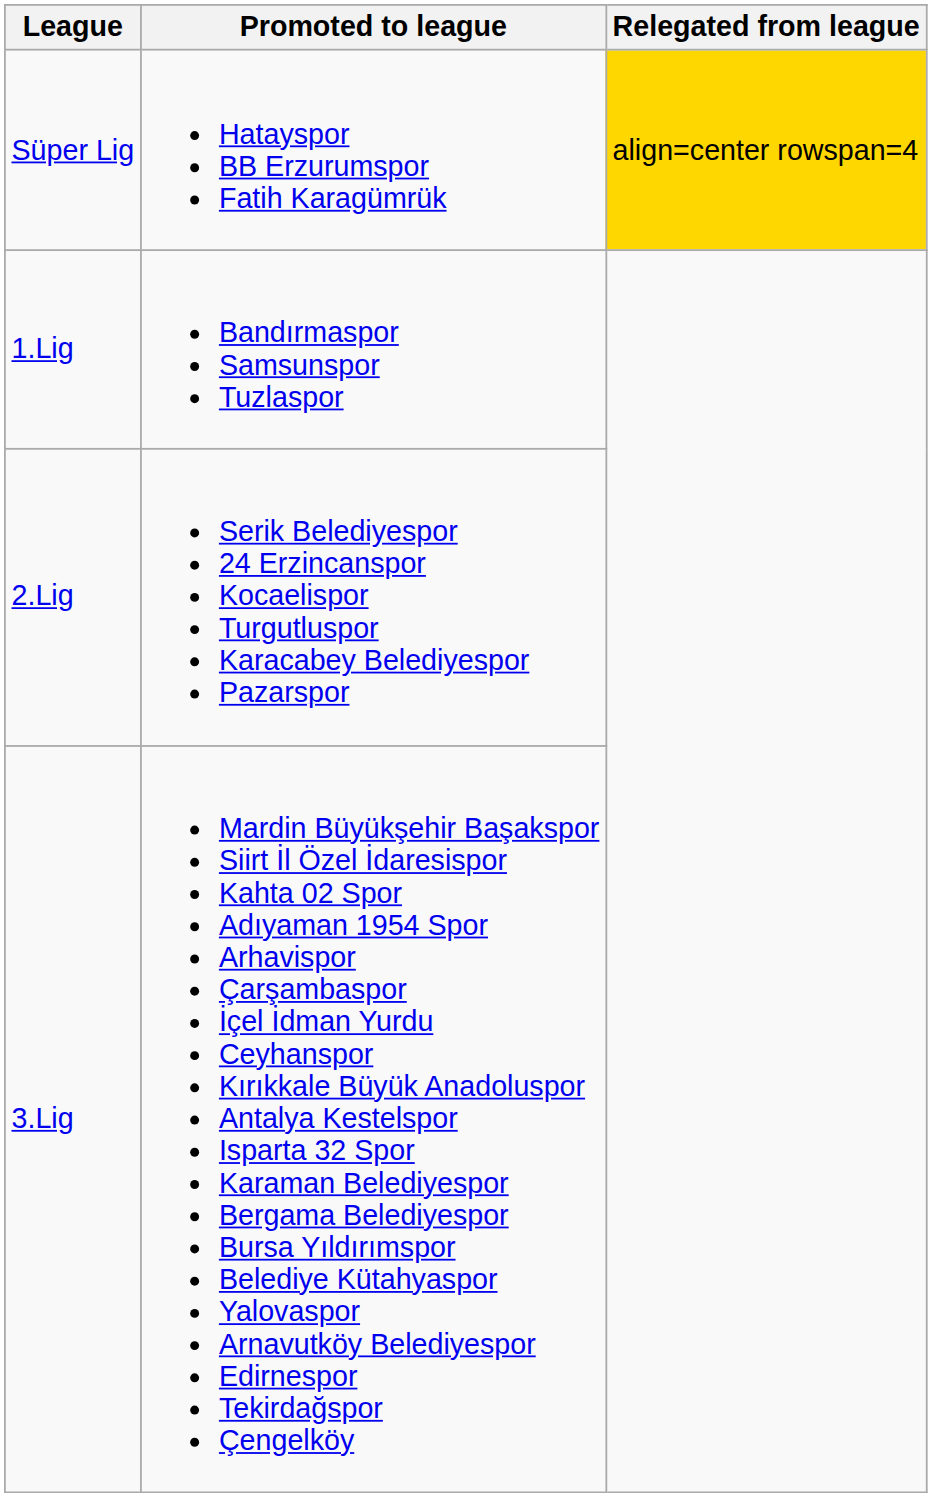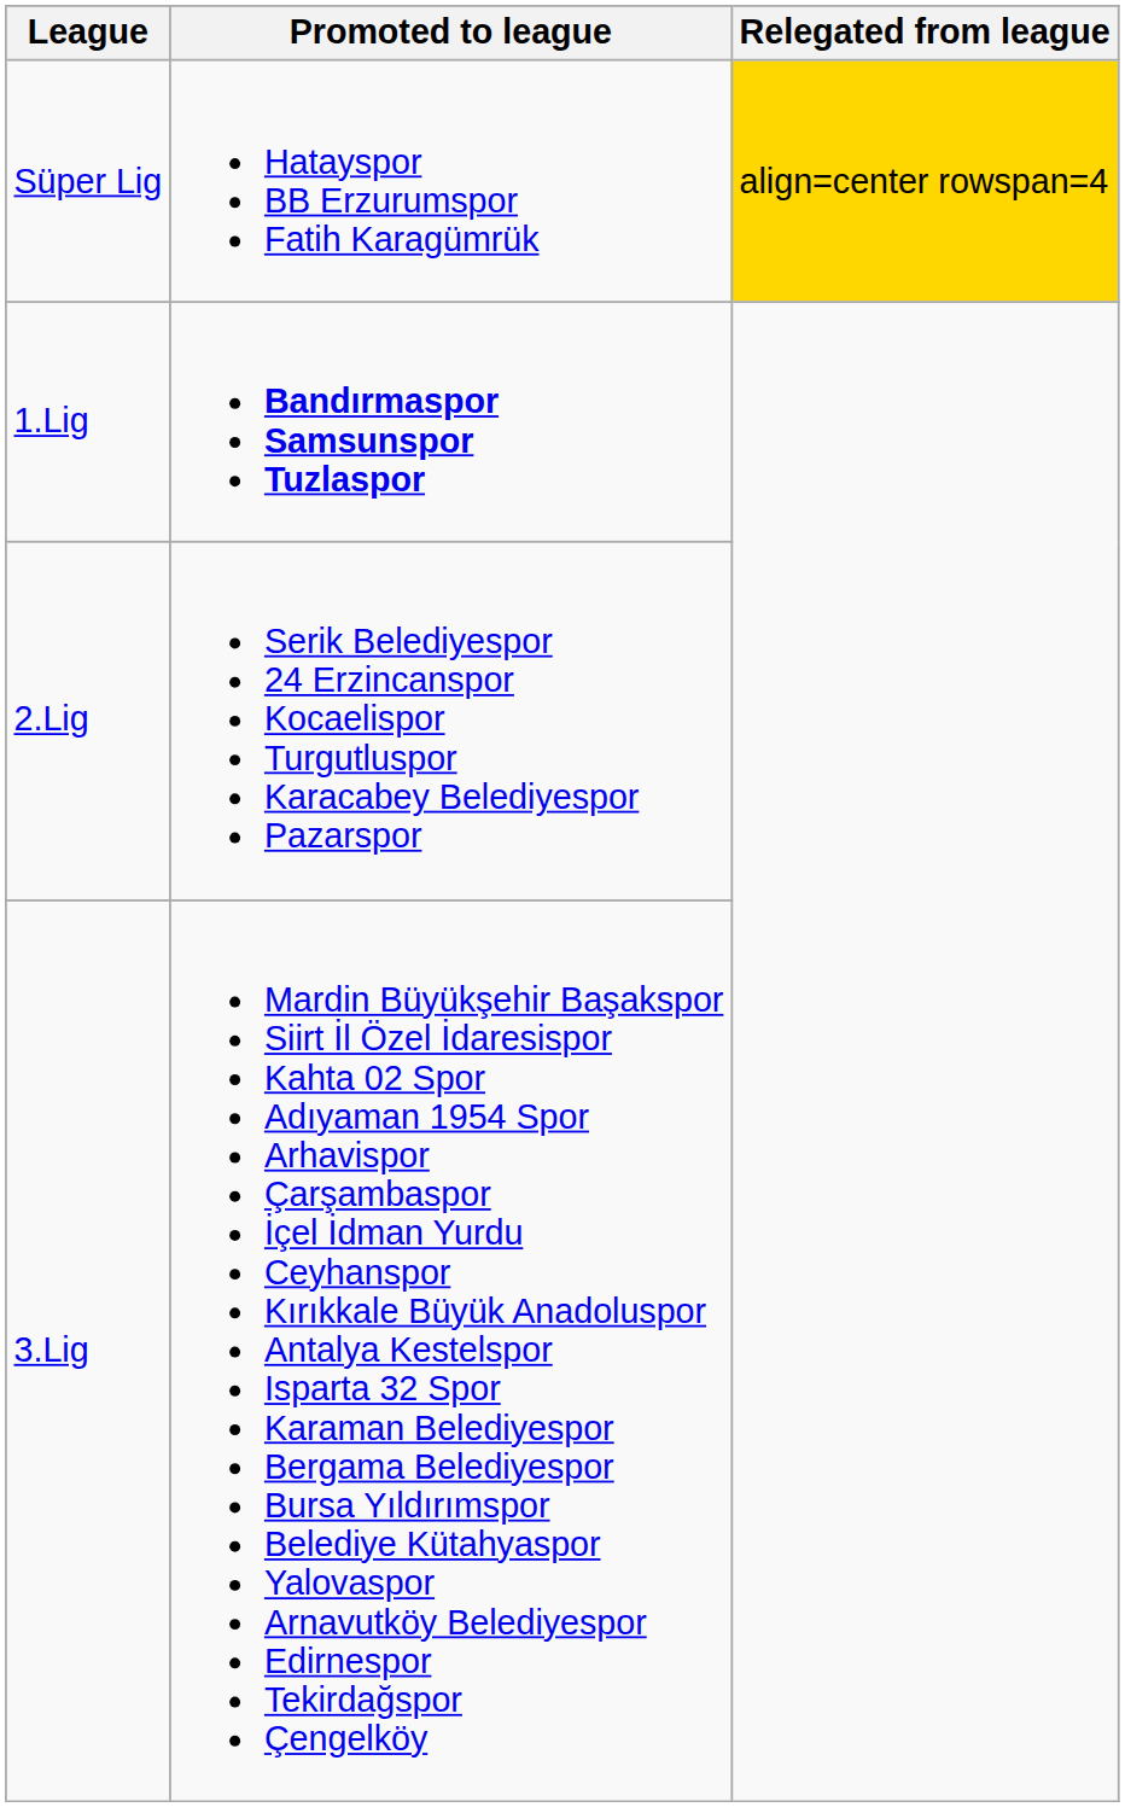 <table class="wikitable">
 <tr>
 <th>League</th>
 <th>Promoted to league</th>
 <th>Relegated from league</th>
 </tr>
 <tr>
 <td><a href='#'>Süper Lig</a></td>
 <td><br><ul><li><a href='#'>Hatayspor</a></li><li><a href='#'>BB Erzurumspor</a></li><li><a href='#'>Fatih Karagümrük</a></li></ul></td>
 <td style="background: gold;">align=center rowspan=4</td>
 </tr>
 <tr>
 <td><a href='#'>1.Lig</a></td>
-<td><br><ul><li><a href='#'>Bandırmaspor</a></li><li><a href='#'>Samsunspor</a></li><li><a href='#'>Tuzlaspor</a></li></ul></td>
+<td><strong><br><ul><li><a href='#'>Bandırmaspor</a></li><li><a href='#'>Samsunspor</a></li><li><a href='#'>Tuzlaspor</a></li></ul></strong></td>
 </tr>
 <tr>
 <td><a href='#'>2.Lig</a></td>
 <td><br><ul><li><a href='#'>Serik Belediyespor</a></li><li><a href='#'>24 Erzincanspor</a></li><li><a href='#'>Kocaelispor</a></li><li><a href='#'>Turgutluspor</a></li><li><a href='#'>Karacabey Belediyespor</a></li><li><a href='#'>Pazarspor</a></li></ul></td>
 </tr>
 <tr>
 <td><a href='#'>3.Lig</a></td>
 <td><br><ul><li><a href='#'>Mardin Büyükşehir Başakspor</a></li><li><a href='#'>Siirt İl Özel İdaresispor</a></li><li><a href='#'>Kahta 02 Spor</a></li><li><a href='#'>Adıyaman 1954 Spor</a></li><li><a href='#'>Arhavispor</a></li><li><a href='#'>Çarşambaspor</a></li><li><a href='#'>İçel İdman Yurdu</a></li><li><a href='#'>Ceyhanspor</a></li><li><a href='#'>Kırıkkale Büyük Anadoluspor</a></li><li><a href='#'>Antalya Kestelspor</a></li><li><a href='#'>Isparta 32 Spor</a></li><li><a href='#'>Karaman Belediyespor</a></li><li><a href='#'>Bergama Belediyespor</a></li><li><a href='#'>Bursa Yıldırımspor</a></li><li><a href='#'>Belediye Kütahyaspor</a></li><li><a href='#'>Yalovaspor</a></li><li><a href='#'>Arnavutköy Belediyespor</a></li><li><a href='#'>Edirnespor</a></li><li><a href='#'>Tekirdağspor</a></li><li><a href='#'>Çengelköy</a></li></ul></td>
 </tr>
 </table>
